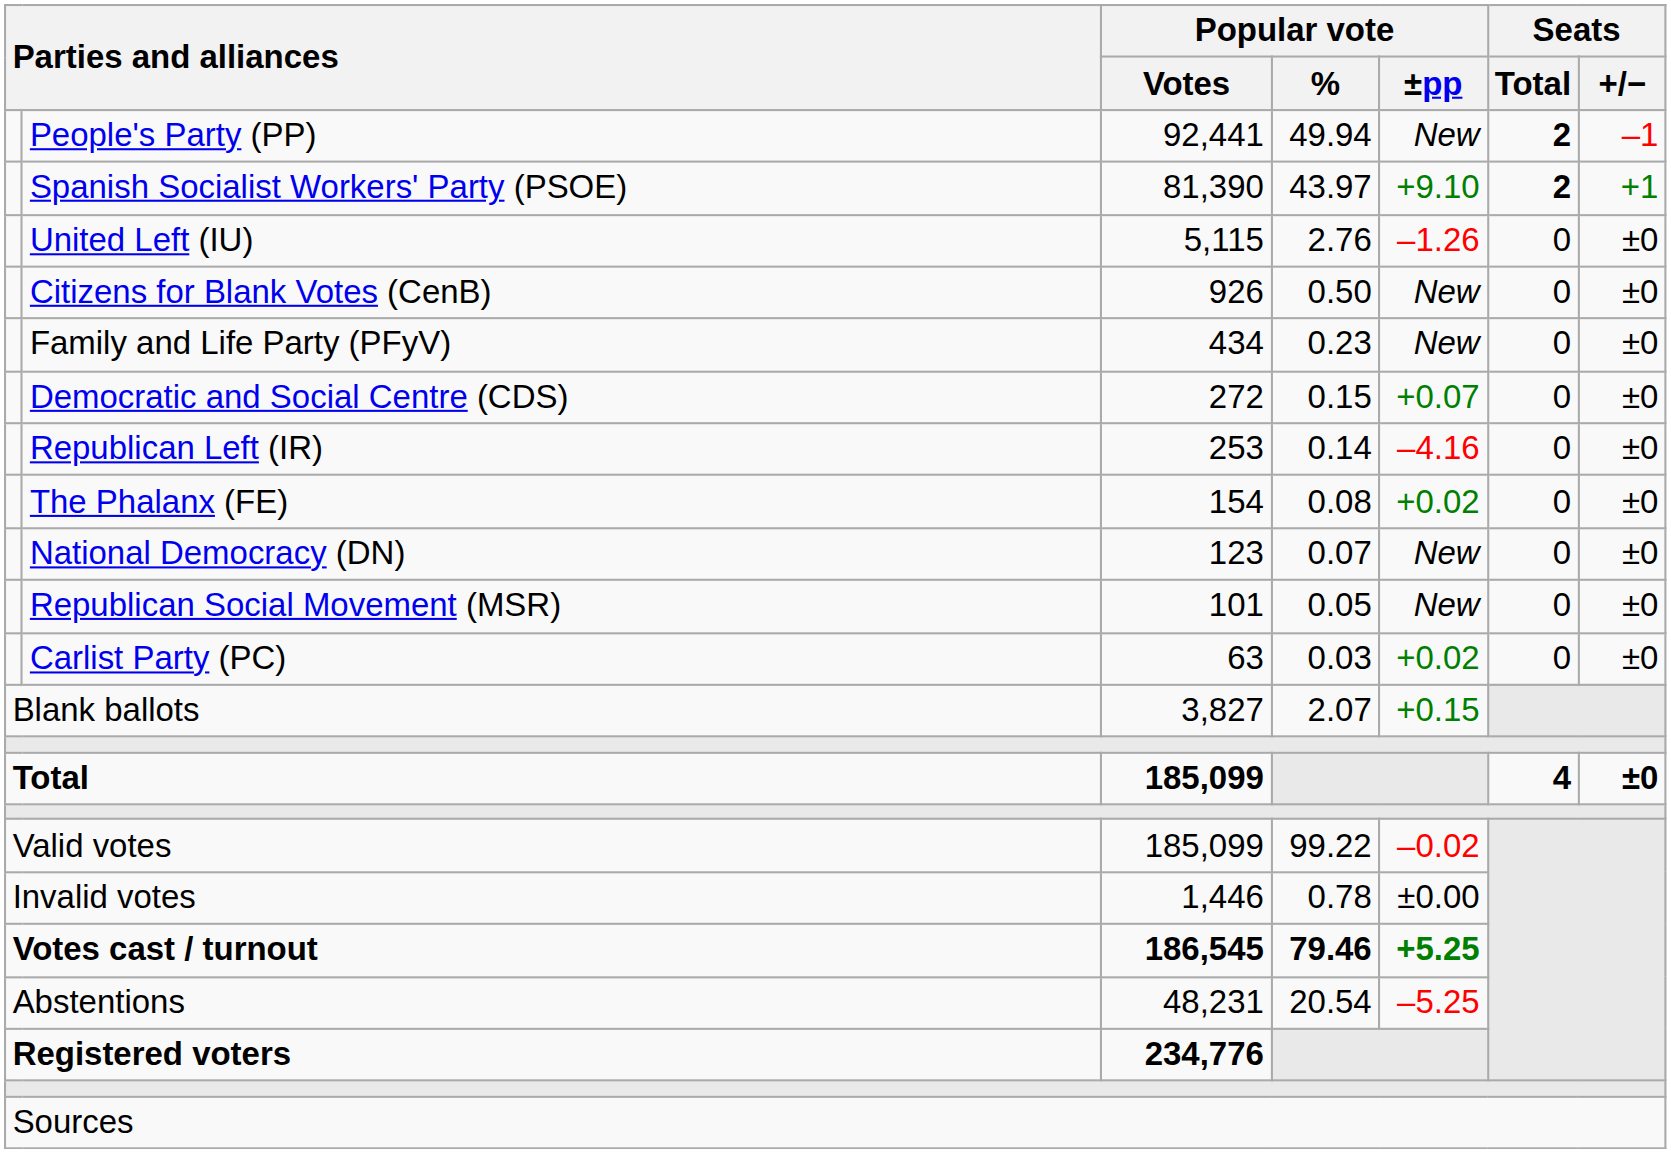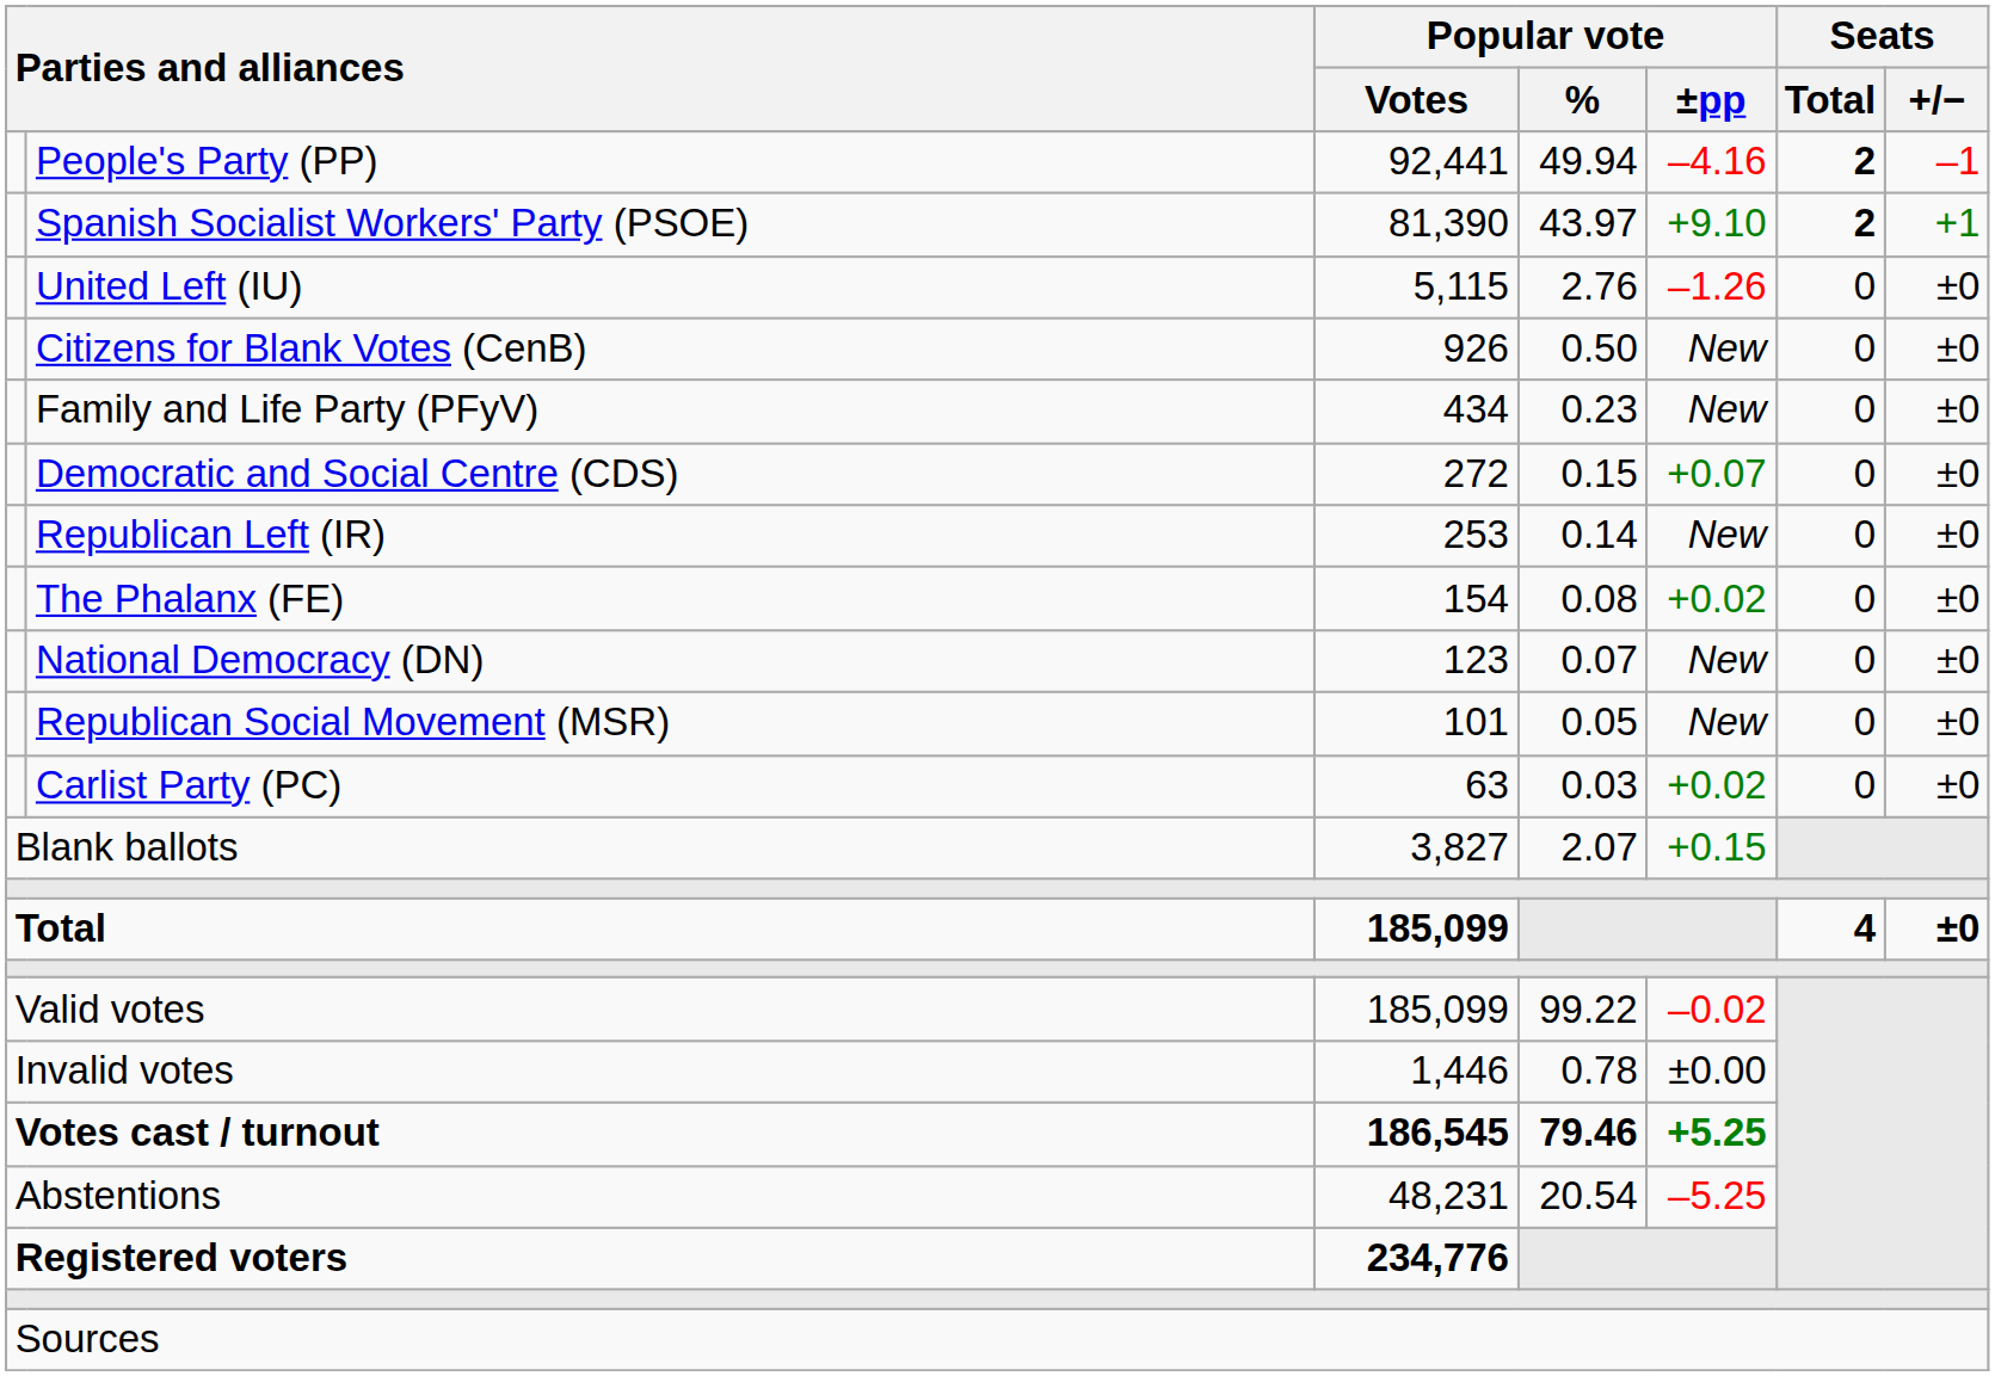 <table class="wikitable" style="text-align:right;">
 <tr>
 <th style="text-align:left;" rowspan="2" colspan="2" width="525">Parties and alliances</th>
 <th colspan="3">Popular vote</th>
 <th colspan="2">Seats</th>
 </tr>
 <tr>
 <th width="75">Votes</th>
 <th width="45">%</th>
 <th width="45">±<a href='#'>pp</a></th>
 <th width="35">Total</th>
 <th width="35">+/−</th>
 </tr>
 <tr>
 <td width="1" style="color:inherit;background:"></td>
 <td align="left"><a href='#'>People's Party</a> (PP)</td>
 <td>92,441</td>
 <td>49.94</td>
-<td><em>New</em></td>
+<td style="color:red;">–4.16</td>
 <td><strong>2</strong></td>
 <td style="color:red;">–1</td>
 </tr>
 <tr>
 <td style="color:inherit;background:"></td>
 <td align="left"><a href='#'>Spanish Socialist Workers' Party</a> (PSOE)</td>
 <td>81,390</td>
 <td>43.97</td>
 <td style="color:green;">+9.10</td>
 <td><strong>2</strong></td>
 <td style="color:green;">+1</td>
 </tr>
 <tr>
 <td style="color:inherit;background:"></td>
 <td align="left"><a href='#'>United Left</a> (IU)</td>
 <td>5,115</td>
 <td>2.76</td>
 <td style="color:red;">–1.26</td>
 <td>0</td>
 <td>±0</td>
 </tr>
 <tr>
 <td style="color:inherit;background:"></td>
 <td align="left"><a href='#'>Citizens for Blank Votes</a> (CenB)</td>
 <td>926</td>
 <td>0.50</td>
 <td><em>New</em></td>
 <td>0</td>
 <td>±0</td>
 </tr>
 <tr>
 <td style="color:inherit;background:"></td>
 <td align="left">Family and Life Party (PFyV)</td>
 <td>434</td>
 <td>0.23</td>
 <td><em>New</em></td>
 <td>0</td>
 <td>±0</td>
 </tr>
 <tr>
 <td style="color:inherit;background:"></td>
 <td align="left"><a href='#'>Democratic and Social Centre</a> (CDS)</td>
 <td>272</td>
 <td>0.15</td>
 <td style="color:green;">+0.07</td>
 <td>0</td>
 <td>±0</td>
 </tr>
 <tr>
 <td style="color:inherit;background:"></td>
 <td align="left"><a href='#'>Republican Left</a> (IR)</td>
 <td>253</td>
 <td>0.14</td>
-<td style="color:red;">–4.16</td>
+<td><em>New</em></td>
 <td>0</td>
 <td>±0</td>
 </tr>
 <tr>
 <td style="color:inherit;background:"></td>
 <td align="left"><a href='#'>The Phalanx</a> (FE)</td>
 <td>154</td>
 <td>0.08</td>
 <td style="color:green;">+0.02</td>
 <td>0</td>
 <td>±0</td>
 </tr>
 <tr>
 <td style="color:inherit;background:"></td>
 <td align="left"><a href='#'>National Democracy</a> (DN)</td>
 <td>123</td>
 <td>0.07</td>
 <td><em>New</em></td>
 <td>0</td>
 <td>±0</td>
 </tr>
 <tr>
 <td style="color:inherit;background:"></td>
 <td align="left"><a href='#'>Republican Social Movement</a> (MSR)</td>
 <td>101</td>
 <td>0.05</td>
 <td><em>New</em></td>
 <td>0</td>
 <td>±0</td>
 </tr>
 <tr>
 <td style="color:inherit;background:"></td>
 <td align="left"><a href='#'>Carlist Party</a> (PC)</td>
 <td>63</td>
 <td>0.03</td>
 <td style="color:green;">+0.02</td>
 <td>0</td>
 <td>±0</td>
 </tr>
 <tr>
 <td align="left" colspan="2">Blank ballots</td>
 <td>3,827</td>
 <td>2.07</td>
 <td style="color:green;">+0.15</td>
 <td bgcolor="#E9E9E9" colspan="2"></td>
 </tr>
 <tr>
 <td colspan="7" bgcolor="#E9E9E9"></td>
 </tr>
 <tr style="font-weight:bold;">
 <td align="left" colspan="2">Total</td>
 <td>185,099</td>
 <td bgcolor="#E9E9E9" colspan="2"></td>
 <td>4</td>
 <td>±0</td>
 </tr>
 <tr>
 <td colspan="7" bgcolor="#E9E9E9"></td>
 </tr>
 <tr>
 <td align="left" colspan="2">Valid votes</td>
 <td>185,099</td>
 <td>99.22</td>
 <td style="color:red;">–0.02</td>
 <td bgcolor="#E9E9E9" colspan="2" rowspan="5"></td>
 </tr>
 <tr>
 <td align="left" colspan="2">Invalid votes</td>
 <td>1,446</td>
 <td>0.78</td>
 <td>±0.00</td>
 </tr>
 <tr style="font-weight:bold;">
 <td align="left" colspan="2">Votes cast / turnout</td>
 <td>186,545</td>
 <td>79.46</td>
 <td style="color:green;">+5.25</td>
 </tr>
 <tr>
 <td align="left" colspan="2">Abstentions</td>
 <td>48,231</td>
 <td>20.54</td>
 <td style="color:red;">–5.25</td>
 </tr>
 <tr style="font-weight:bold;">
 <td align="left" colspan="2">Registered voters</td>
 <td>234,776</td>
 <td bgcolor="#E9E9E9" colspan="2"></td>
 </tr>
 <tr>
 <td colspan="7" bgcolor="#E9E9E9"></td>
 </tr>
 <tr>
 <td align="left" colspan="7">Sources</td>
 </tr>
 </table>
